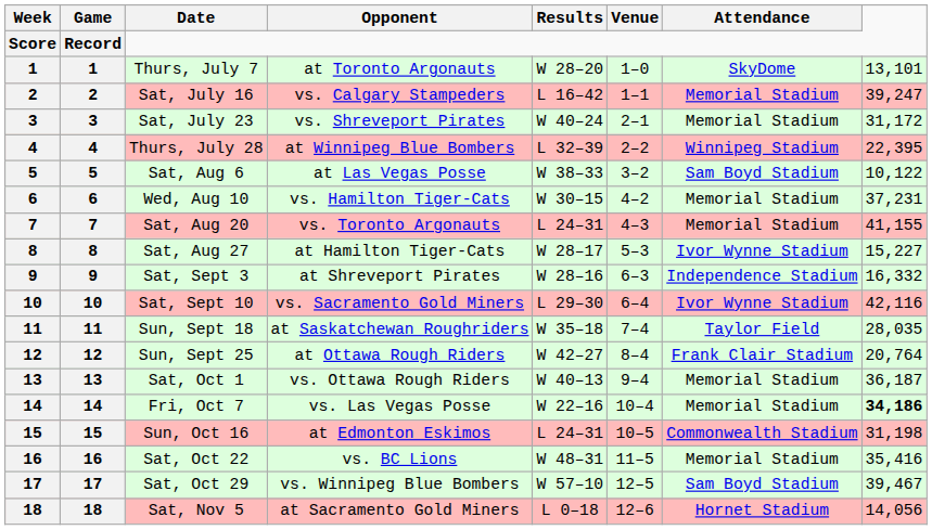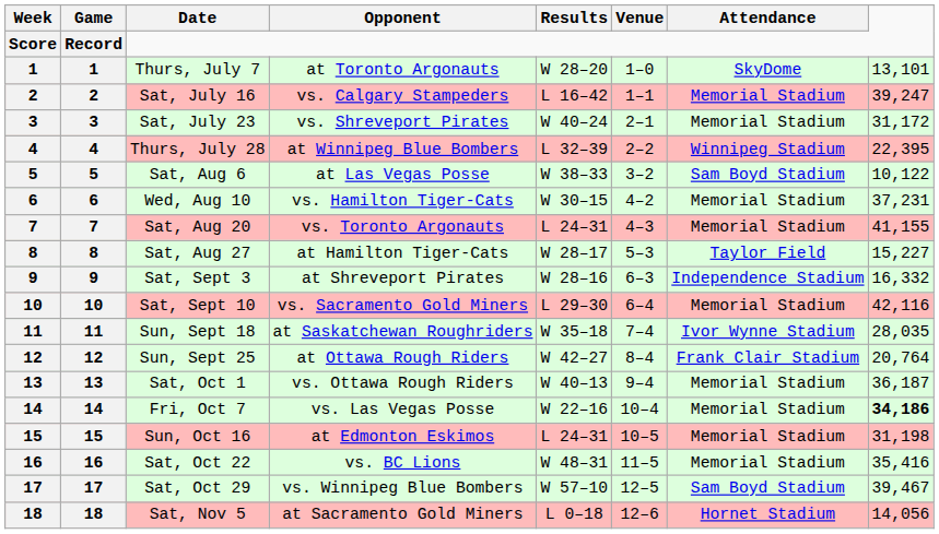 <table class="wikitable" style="text-align:center">
 <tr>
 <th>Week</th>
 <th>Game</th>
 <th>Date</th>
 <th>Opponent</th>
 <th>Results</th>
 <th>Venue</th>
 <th>Attendance</th>
 </tr>
 <tr>
 <th>Score</th>
 <th>Record</th>
 </tr>
 <tr style="background:#ddffdd">
 <th>1</th>
 <th>1</th>
 <td>Thurs, July 7</td>
 <td>at <a href='#'>Toronto Argonauts</a></td>
 <td>W 28–20</td>
 <td>1–0</td>
 <td><a href='#'>SkyDome</a></td>
 <td>13,101</td>
 </tr>
 <tr style="background:#ffbbbb">
 <th>2</th>
 <th>2</th>
 <td>Sat, July 16</td>
 <td>vs. <a href='#'>Calgary Stampeders</a></td>
 <td>L 16–42</td>
 <td>1–1</td>
 <td><a href='#'>Memorial Stadium</a></td>
 <td>39,247</td>
 </tr>
 <tr style="background:#ddffdd">
 <th>3</th>
 <th>3</th>
 <td>Sat, July 23</td>
 <td>vs. <a href='#'>Shreveport Pirates</a></td>
 <td>W 40–24</td>
 <td>2–1</td>
 <td>Memorial Stadium</td>
 <td>31,172</td>
 </tr>
 <tr style="background:#ffbbbb">
 <th>4</th>
 <th>4</th>
 <td>Thurs, July 28</td>
 <td>at <a href='#'>Winnipeg Blue Bombers</a></td>
 <td>L 32–39</td>
 <td>2–2</td>
 <td><a href='#'>Winnipeg Stadium</a></td>
 <td>22,395</td>
 </tr>
 <tr style="background:#ddffdd">
 <th>5</th>
 <th>5</th>
 <td>Sat, Aug 6</td>
 <td>at <a href='#'>Las Vegas Posse</a></td>
 <td>W 38–33</td>
 <td>3–2</td>
 <td><a href='#'>Sam Boyd Stadium</a></td>
 <td>10,122</td>
 </tr>
 <tr style="background:#ddffdd">
 <th>6</th>
 <th>6</th>
 <td>Wed, Aug 10</td>
 <td>vs. <a href='#'>Hamilton Tiger-Cats</a></td>
 <td>W 30–15</td>
 <td>4–2</td>
 <td>Memorial Stadium</td>
 <td>37,231</td>
 </tr>
 <tr style="background:#ffbbbb">
 <th>7</th>
 <th>7</th>
 <td>Sat, Aug 20</td>
 <td>vs. <a href='#'>Toronto Argonauts</a></td>
 <td>L 24–31</td>
 <td>4–3</td>
 <td>Memorial Stadium</td>
 <td>41,155</td>
 </tr>
 <tr style="background:#ddffdd">
 <th>8</th>
 <th>8</th>
 <td>Sat, Aug 27</td>
 <td>at Hamilton Tiger-Cats</td>
 <td>W 28–17</td>
 <td>5–3</td>
-<td><a href='#'>Ivor Wynne Stadium</a></td>
+<td><a href='#'>Taylor Field</a></td>
 <td>15,227</td>
 </tr>
 <tr style="background:#ddffdd">
 <th>9</th>
 <th>9</th>
 <td>Sat, Sept 3</td>
 <td>at Shreveport Pirates</td>
 <td>W 28–16</td>
 <td>6–3</td>
 <td><a href='#'>Independence Stadium</a></td>
 <td>16,332</td>
 </tr>
 <tr style="background:#ffbbbb">
 <th>10</th>
 <th>10</th>
 <td>Sat, Sept 10</td>
 <td>vs. <a href='#'>Sacramento Gold Miners</a></td>
 <td>L 29–30</td>
 <td>6–4</td>
-<td><a href='#'>Ivor Wynne Stadium</a></td>
+<td>Memorial Stadium</td>
 <td>42,116</td>
 </tr>
 <tr style="background:#ddffdd">
 <th>11</th>
 <th>11</th>
 <td>Sun, Sept 18</td>
 <td>at <a href='#'>Saskatchewan Roughriders</a></td>
 <td>W 35–18</td>
 <td>7–4</td>
-<td><a href='#'>Taylor Field</a></td>
+<td><a href='#'>Ivor Wynne Stadium</a></td>
 <td>28,035</td>
 </tr>
 <tr style="background:#ddffdd">
 <th>12</th>
 <th>12</th>
 <td>Sun, Sept 25</td>
 <td>at <a href='#'>Ottawa Rough Riders</a></td>
 <td>W 42–27</td>
 <td>8–4</td>
 <td><a href='#'>Frank Clair Stadium</a></td>
 <td>20,764</td>
 </tr>
 <tr style="background:#ddffdd">
 <th>13</th>
 <th>13</th>
 <td>Sat, Oct 1</td>
 <td>vs. Ottawa Rough Riders</td>
 <td>W 40–13</td>
 <td>9–4</td>
 <td>Memorial Stadium</td>
 <td>36,187</td>
 </tr>
 <tr style="background:#ddffdd">
 <th>14</th>
 <th>14</th>
 <td>Fri, Oct 7</td>
 <td>vs. Las Vegas Posse</td>
 <td>W 22–16</td>
 <td>10–4</td>
 <td>Memorial Stadium</td>
 <td><strong>34,186</strong></td>
 </tr>
 <tr style="background:#ffbbbb">
 <th>15</th>
 <th>15</th>
 <td>Sun, Oct 16</td>
 <td>at <a href='#'>Edmonton Eskimos</a></td>
 <td>L 24–31</td>
 <td>10–5</td>
-<td><a href='#'>Commonwealth Stadium</a></td>
+<td>Memorial Stadium</td>
 <td>31,198</td>
 </tr>
 <tr style="background:#ddffdd">
 <th>16</th>
 <th>16</th>
 <td>Sat, Oct 22</td>
 <td>vs. <a href='#'>BC Lions</a></td>
 <td>W 48–31</td>
 <td>11–5</td>
 <td>Memorial Stadium</td>
 <td>35,416</td>
 </tr>
 <tr style="background:#ddffdd">
 <th>17</th>
 <th>17</th>
 <td>Sat, Oct 29</td>
 <td>vs. Winnipeg Blue Bombers</td>
 <td>W 57–10</td>
 <td>12–5</td>
 <td><a href='#'>Sam Boyd Stadium</a></td>
 <td>39,467</td>
 </tr>
 <tr style="background:#ffbbbb">
 <th>18</th>
 <th>18</th>
 <td>Sat, Nov 5</td>
 <td>at Sacramento Gold Miners</td>
 <td>L 0–18</td>
 <td>12–6</td>
 <td><a href='#'>Hornet Stadium</a></td>
 <td>14,056</td>
 </tr>
 </table>
